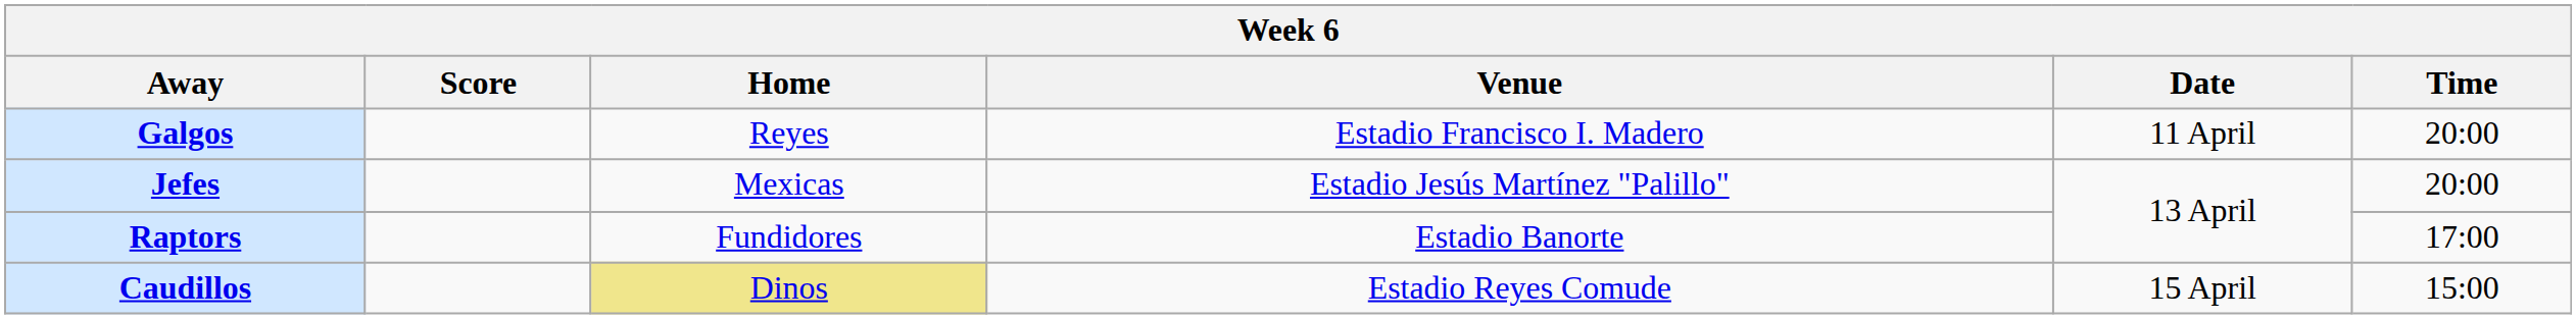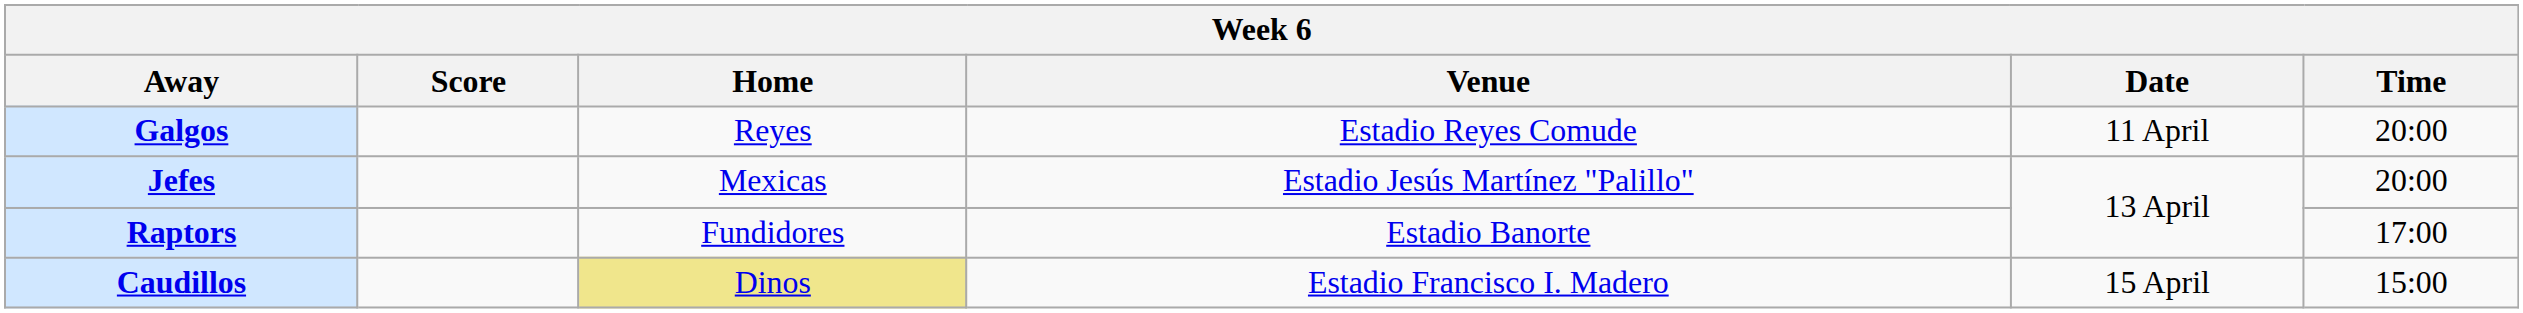 <table class="wikitable mw-collapsible mw-collapsed" style="width:100%;">
 <tr>
 <th colspan="8">Week 6</th>
 </tr>
 <tr>
 <th>Away</th>
 <th>Score</th>
 <th>Home</th>
 <th>Venue</th>
 <th>Date</th>
 <th>Time</th>
 </tr>
 <tr align="center">
 <td bgcolor="#D0E7FF"><strong><a href='#'>Galgos</a></strong></td>
 <td></td>
 <td><a href='#'>Reyes</a></td>
-<td><a href='#'>Estadio Francisco I. Madero</a></td>
+<td><a href='#'>Estadio Reyes Comude</a></td>
 <td>11 April</td>
 <td>20:00</td>
 </tr>
 <tr align="center">
 <td bgcolor="#D0E7FF"><strong><a href='#'>Jefes</a></strong></td>
 <td></td>
 <td><a href='#'>Mexicas</a></td>
 <td><a href='#'>Estadio Jesús Martínez "Palillo"</a></td>
 <td rowspan=2>13 April</td>
 <td>20:00</td>
 </tr>
 <tr align="center">
 <td bgcolor="#D0E7FF"><strong><a href='#'>Raptors</a></strong></td>
 <td></td>
 <td><a href='#'>Fundidores</a></td>
 <td><a href='#'>Estadio Banorte</a></td>
 <td>17:00</td>
 </tr>
 <tr align="center">
 <td bgcolor="#D0E7FF"><strong><a href='#'>Caudillos</a></strong></td>
 <td></td>
 <td style="background: khaki;"><a href='#'>Dinos</a></td>
-<td><a href='#'>Estadio Reyes Comude</a></td>
+<td><a href='#'>Estadio Francisco I. Madero</a></td>
 <td>15 April</td>
 <td>15:00</td>
 </tr>
 </table>
